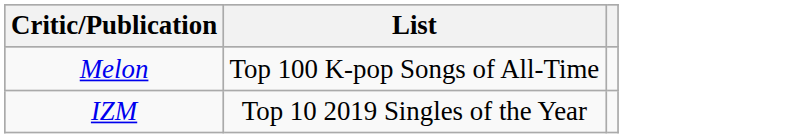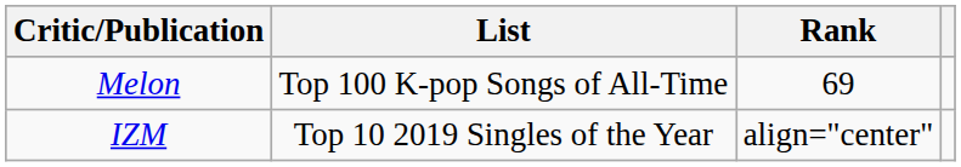 <table class="wikitable plainrowheaders sortable" style="text-align:center">
 <tr>
 <th>Critic/Publication</th>
 <th scope="col" class="unsortable">List</th>
+<th data-sort-type="number">Rank</th>
 <th scope="col" class="unsortable"></th>
 </tr>
 <tr>
 <td align="center" rowspan="1"><em><a href='#'>Melon</a></em></td>
 <td align="center">Top 100 K-pop Songs of All-Time</td>
+<td align="center">69</td>
 <td style="text-align:center;"></td>
 </tr>
 <tr>
 <td align="center"><em><a href='#'>IZM</a></em></td>
 <td align="center">Top 10 2019 Singles of the Year</td>
+<td>align="center" </td>
 <td></td>
 </tr>
 </table>
